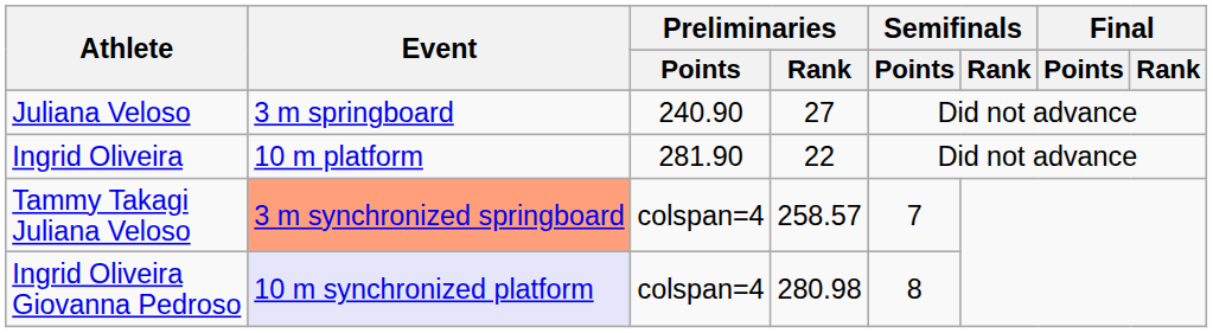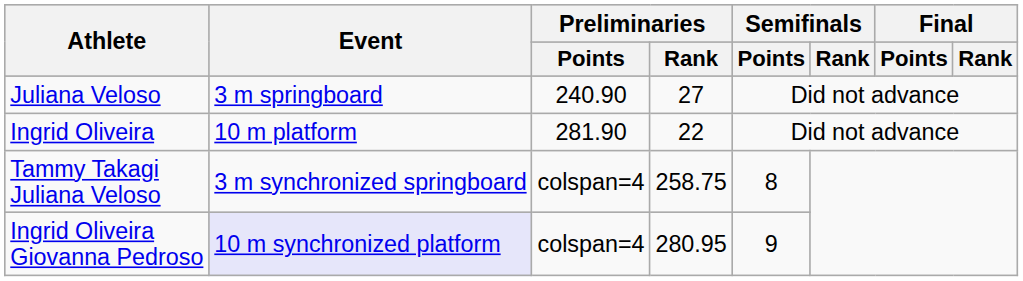 <table class=wikitable style="font-size:90%">
 <tr>
 <th rowspan="2">Athlete</th>
 <th rowspan="2">Event</th>
 <th colspan="2">Preliminaries</th>
 <th colspan="2">Semifinals</th>
 <th colspan="2">Final</th>
 </tr>
 <tr style="font-size:95%">
 <th>Points</th>
 <th>Rank</th>
 <th>Points</th>
 <th>Rank</th>
 <th>Points</th>
 <th>Rank</th>
 </tr>
 <tr align=center>
 <td align=left><a href='#'>Juliana Veloso</a></td>
 <td align=left><a href='#'>3 m springboard</a></td>
 <td>240.90</td>
 <td>27</td>
 <td colspan=4>Did not advance</td>
 </tr>
 <tr align=center>
 <td align=left><a href='#'>Ingrid Oliveira</a></td>
 <td align=left><a href='#'>10 m platform</a></td>
 <td>281.90</td>
 <td>22</td>
 <td colspan=4>Did not advance</td>
 </tr>
 <tr align=center>
 <td align=left><a href='#'>Tammy Takagi</a><br><a href='#'>Juliana Veloso</a></td>
-<td align=left style="background: lightsalmon;"><a href='#'>3 m synchronized springboard</a></td>
+<td align=left><a href='#'>3 m synchronized springboard</a></td>
 <td>colspan=4 </td>
-<td>258.57</td>
-<td>7</td>
+<td>258.75</td>
+<td>8</td>
 </tr>
 <tr align=center>
 <td align=left><a href='#'>Ingrid Oliveira</a><br><a href='#'>Giovanna Pedroso</a></td>
 <td align=left style="background: lavender;"><a href='#'>10 m synchronized platform</a></td>
 <td>colspan=4 </td>
-<td>280.98</td>
-<td>8</td>
+<td>280.95</td>
+<td>9</td>
 </tr>
 </table>
